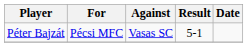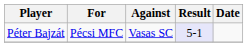 <table class="wikitable sortable">
 <tr>
 <th>Player</th>
 <th>For</th>
 <th>Against</th>
 <th align=center>Result</th>
 <th>Date</th>
 </tr>
 <tr>
 <td> <a href='#'>Péter Bajzát</a></td>
 <td><a href='#'>Pécsi MFC</a></td>
 <td><a href='#'>Vasas SC</a></td>
-<td align="center">5-1 </td>
+<td align="center" style="background: lavender;">5-1 </td>
 <td></td>
 </tr>
 <tr>
 </tr>
 </table>
